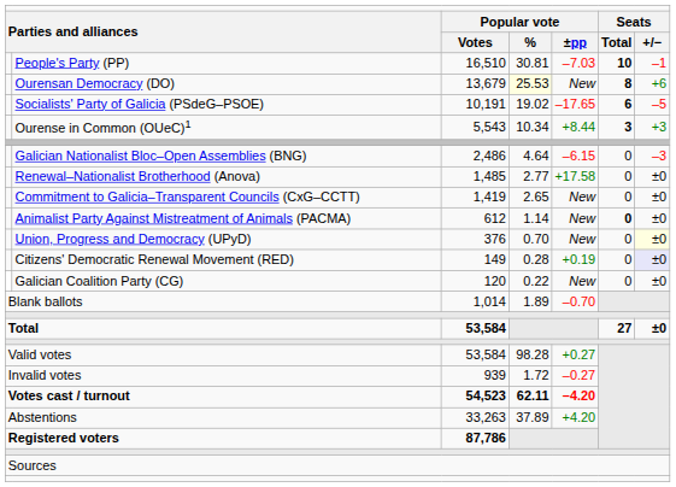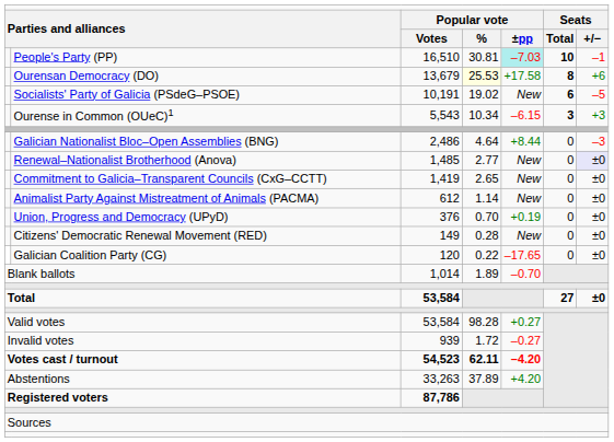 <table class="wikitable" style="text-align:right;">
 <tr>
 <td colspan="7"></td>
 </tr>
 <tr>
 <th style="text-align:left;" rowspan="2" colspan="2" width="525">Parties and alliances</th>
 <th colspan="3">Popular vote</th>
 <th colspan="2">Seats</th>
 </tr>
 <tr>
 <th width="75">Votes</th>
 <th width="45">%</th>
 <th width="45">±<a href='#'>pp</a></th>
 <th width="35">Total</th>
 <th width="35">+/−</th>
 </tr>
 <tr>
 <td width="1" style="color:inherit;background:"></td>
 <td align="left"><a href='#'>People's Party</a> (PP)</td>
 <td>16,510</td>
 <td>30.81</td>
-<td style="color:red;">–7.03</td>
+<td style="background: paleturquoise; color:red;">–7.03</td>
 <td><strong>10</strong></td>
 <td style="color:red;">–1</td>
 </tr>
 <tr>
 <td style="color:inherit;background:"></td>
 <td align="left"><a href='#'>Ourensan Democracy</a> (DO)</td>
 <td>13,679</td>
 <td style="background: lightyellow;">25.53</td>
-<td><em>New</em></td>
+<td style="color:green;">+17.58</td>
 <td><strong>8</strong></td>
 <td style="color:green;">+6</td>
 </tr>
 <tr>
 <td style="color:inherit;background:"></td>
 <td align="left"><a href='#'>Socialists' Party of Galicia</a> (PSdeG–PSOE)</td>
 <td>10,191</td>
 <td>19.02</td>
-<td style="color:red;">–17.65</td>
+<td><em>New</em></td>
 <td><strong>6</strong></td>
 <td style="color:red;">–5</td>
 </tr>
 <tr>
 <td style="color:inherit;background:"></td>
 <td align="left">Ourense in Common (OUeC)<sup>1</sup></td>
 <td>5,543</td>
 <td>10.34</td>
-<td style="color:green;">+8.44</td>
+<td style="color:red;">–6.15</td>
 <td><strong>3</strong></td>
 <td style="color:green;">+3</td>
 </tr>
 <tr>
 <td colspan="7" bgcolor="#C0C0C0"></td>
 </tr>
 <tr>
 <td style="color:inherit;background:"></td>
 <td align="left"><a href='#'>Galician Nationalist Bloc–Open Assemblies</a> (BNG)</td>
 <td>2,486</td>
 <td>4.64</td>
-<td style="color:red;">–6.15</td>
+<td style="color:green;">+8.44</td>
 <td>0</td>
 <td style="color:red;">–3</td>
 </tr>
 <tr>
 <td style="color:inherit;background:"></td>
 <td align="left"><a href='#'>Renewal–Nationalist Brotherhood</a> (Anova)</td>
 <td>1,485</td>
 <td>2.77</td>
-<td style="color:green;">+17.58</td>
+<td><em>New</em></td>
 <td>0</td>
-<td>±0</td>
+<td style="background: lavender;">±0</td>
 </tr>
 <tr>
 <td style="color:inherit;background:"></td>
 <td align="left"><a href='#'>Commitment to Galicia–Transparent Councils</a> (CxG–CCTT)</td>
 <td>1,419</td>
 <td>2.65</td>
 <td><em>New</em></td>
 <td>0</td>
 <td>±0</td>
 </tr>
 <tr>
 <td style="color:inherit;background:"></td>
 <td align="left"><a href='#'>Animalist Party Against Mistreatment of Animals</a> (PACMA)</td>
 <td>612</td>
 <td>1.14</td>
 <td><em>New</em></td>
-<td><strong>0</strong></td>
+<td>0</td>
 <td>±0</td>
 </tr>
 <tr>
 <td style="color:inherit;background:"></td>
 <td align="left"><a href='#'>Union, Progress and Democracy</a> (UPyD)</td>
 <td>376</td>
 <td>0.70</td>
-<td><em>New</em></td>
+<td style="color:green;">+0.19</td>
 <td>0</td>
-<td style="background: lightyellow;">±0</td>
+<td>±0</td>
 </tr>
 <tr>
 <td style="color:inherit;background:"></td>
 <td align="left">Citizens' Democratic Renewal Movement (RED)</td>
 <td>149</td>
 <td>0.28</td>
-<td style="color:green;">+0.19</td>
+<td><em>New</em></td>
 <td>0</td>
-<td style="background: lavender;">±0</td>
+<td>±0</td>
 </tr>
 <tr>
 <td bgcolor="white"></td>
 <td align="left">Galician Coalition Party (CG)</td>
 <td>120</td>
 <td>0.22</td>
-<td><em>New</em></td>
+<td style="color:red;">–17.65</td>
 <td>0</td>
 <td>±0</td>
 </tr>
 <tr>
 <td align="left" colspan="2">Blank ballots</td>
 <td>1,014</td>
 <td>1.89</td>
 <td style="color:red;">–0.70</td>
 <td bgcolor="#E9E9E9" colspan="2"></td>
 </tr>
 <tr>
 <td colspan="7" bgcolor="#E9E9E9"></td>
 </tr>
 <tr style="font-weight:bold;">
 <td align="left" colspan="2">Total</td>
 <td>53,584</td>
 <td bgcolor="#E9E9E9" colspan="2"></td>
 <td>27</td>
 <td>±0</td>
 </tr>
 <tr>
 <td colspan="7" bgcolor="#E9E9E9"></td>
 </tr>
 <tr>
 <td align="left" colspan="2">Valid votes</td>
 <td>53,584</td>
 <td>98.28</td>
 <td style="color:green;">+0.27</td>
 <td bgcolor="#E9E9E9" colspan="2" rowspan="5"></td>
 </tr>
 <tr>
 <td align="left" colspan="2">Invalid votes</td>
 <td>939</td>
 <td>1.72</td>
 <td style="color:red;">–0.27</td>
 </tr>
 <tr style="font-weight:bold;">
 <td align="left" colspan="2">Votes cast / turnout</td>
 <td>54,523</td>
 <td>62.11</td>
 <td style="color:red;">–4.20</td>
 </tr>
 <tr>
 <td align="left" colspan="2">Abstentions</td>
 <td>33,263</td>
 <td>37.89</td>
 <td style="color:green;">+4.20</td>
 </tr>
 <tr style="font-weight:bold;">
 <td align="left" colspan="2">Registered voters</td>
 <td>87,786</td>
 <td bgcolor="#E9E9E9" colspan="2"></td>
 </tr>
 <tr>
 <td colspan="7" bgcolor="#E9E9E9"></td>
 </tr>
 <tr>
 <td align="left" colspan="7">Sources</td>
 </tr>
 <tr>
 <td colspan="7" style="text-align:left; max-width:790px;"></td>
 </tr>
 </table>
